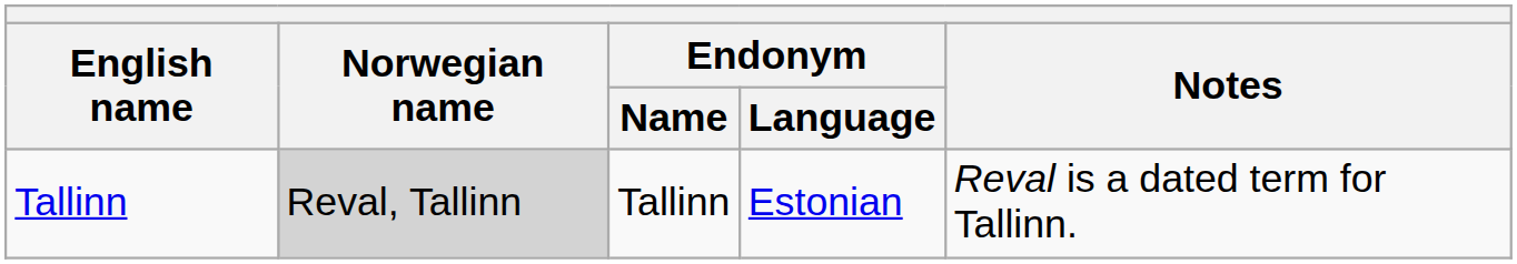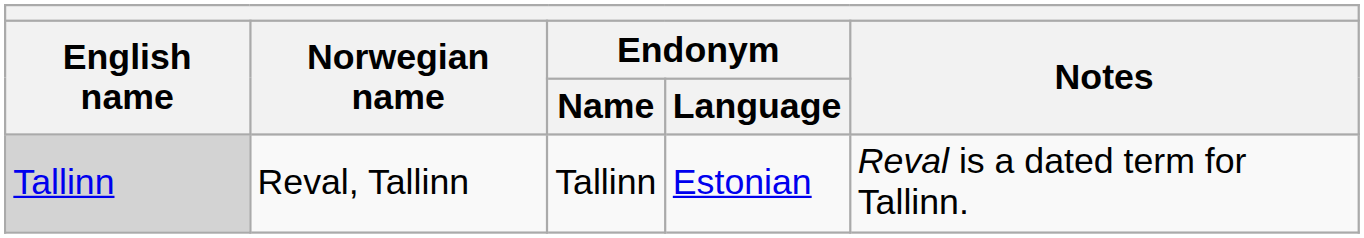 <table class="wikitable sortable">
 <tr>
 <th colspan="5"></th>
 </tr>
 <tr>
 <th rowspan="2">English name</th>
 <th rowspan="2">Norwegian name</th>
 <th colspan="2">Endonym</th>
 <th rowspan="2">Notes</th>
 </tr>
 <tr>
 <th>Name</th>
 <th>Language</th>
 </tr>
 <tr>
-<td><a href='#'>Tallinn</a></td>
-<td style="background: lightgrey;">Reval, Tallinn</td>
+<td style="background: lightgrey;"><a href='#'>Tallinn</a></td>
+<td>Reval, Tallinn</td>
 <td>Tallinn</td>
 <td><a href='#'>Estonian</a></td>
 <td><em>Reval</em> is a dated term for Tallinn.</td>
 </tr>
 </table>
